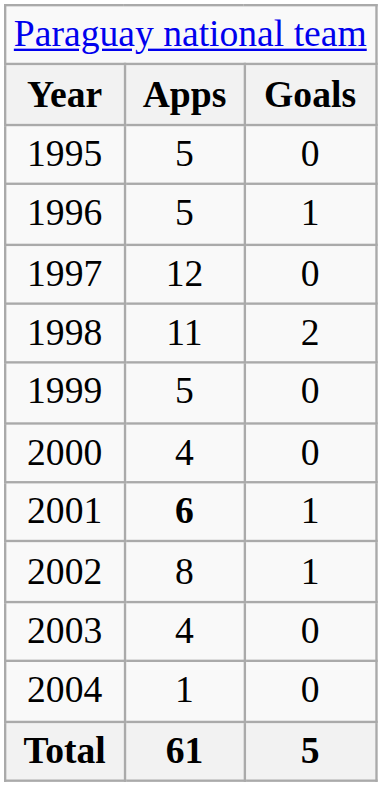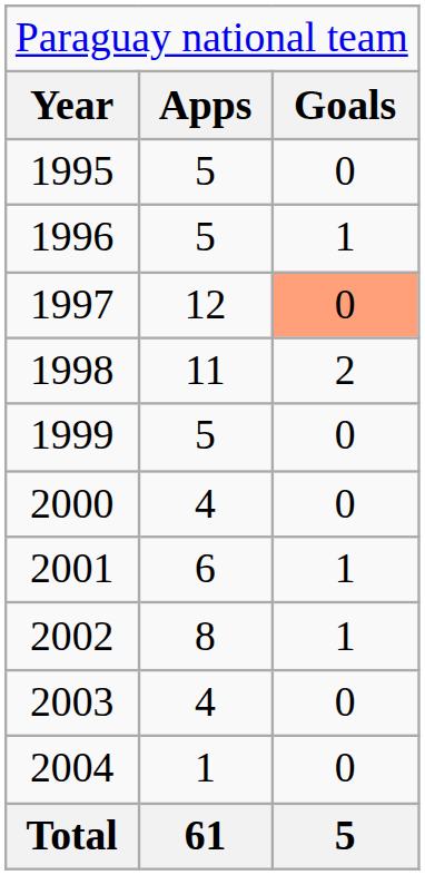 <table class="wikitable" style="text-align:center">
 <tr>
 <td colspan="3"><a href='#'>Paraguay national team</a></td>
 </tr>
 <tr>
 <th>Year</th>
 <th>Apps</th>
 <th>Goals</th>
 </tr>
 <tr>
 <td>1995</td>
 <td>5</td>
 <td>0</td>
 </tr>
 <tr>
 <td>1996</td>
 <td>5</td>
 <td>1</td>
 </tr>
 <tr>
 <td>1997</td>
 <td>12</td>
-<td>0</td>
+<td style="background: lightsalmon;">0</td>
 </tr>
 <tr>
 <td>1998</td>
 <td>11</td>
 <td>2</td>
 </tr>
 <tr>
 <td>1999</td>
 <td>5</td>
 <td>0</td>
 </tr>
 <tr>
 <td>2000</td>
 <td>4</td>
 <td>0</td>
 </tr>
 <tr>
 <td>2001</td>
-<td><strong>6</strong></td>
+<td>6</td>
 <td>1</td>
 </tr>
 <tr>
 <td>2002</td>
 <td>8</td>
 <td>1</td>
 </tr>
 <tr>
 <td>2003</td>
 <td>4</td>
 <td>0</td>
 </tr>
 <tr>
 <td>2004</td>
 <td>1</td>
 <td>0</td>
 </tr>
 <tr>
 <th>Total</th>
 <th>61</th>
 <th>5</th>
 </tr>
 </table>
